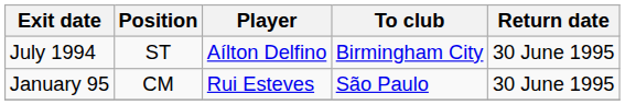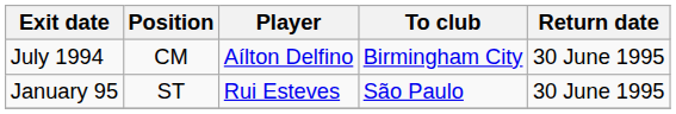 <table class="wikitable">
 <tr>
 <th>Exit date</th>
 <th>Position</th>
 <th>Player</th>
 <th>To club</th>
 <th>Return date</th>
 </tr>
 <tr>
 <td>July 1994</td>
-<td style="text-align:center;">ST</td>
+<td style="text-align:center;">CM</td>
 <td style="text-align:left;"><a href='#'>Aílton Delfino</a></td>
 <td style="text-align:left;"><a href='#'>Birmingham City</a></td>
 <td>30 June 1995</td>
 </tr>
 <tr>
 <td>January 95</td>
-<td style="text-align:center;">CM</td>
+<td style="text-align:center;">ST</td>
 <td style="text-align:left;"><a href='#'>Rui Esteves</a></td>
 <td style="text-align:left;"><a href='#'>São Paulo</a></td>
 <td>30 June 1995</td>
 </tr>
 <tr>
 </tr>
 </table>
